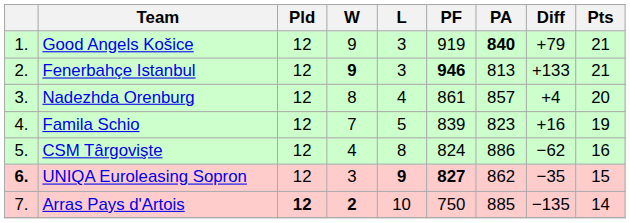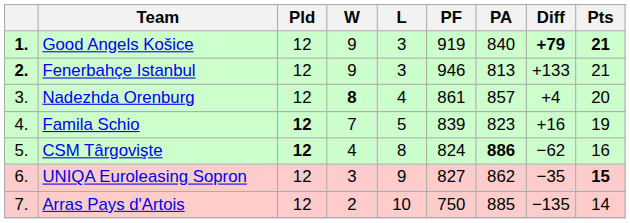 <table class="wikitable" style="text-align:center">
 <tr>
 <th width=25></th>
 <th width=220>Team</th>
 <th width=40>Pld</th>
 <th width=40>W</th>
 <th width=40>L</th>
 <th width=40>PF</th>
 <th width=40>PA</th>
 <th width=40>Diff</th>
 <th width=40>Pts</th>
 </tr>
 <tr style="background:#ccffcc;">
-<td>1.</td>
+<td><strong>1.</strong></td>
 <td align=left> <a href='#'>Good Angels Košice</a></td>
 <td>12</td>
 <td>9</td>
 <td>3</td>
 <td>919</td>
-<td><strong>840</strong></td>
-<td>+79</td>
-<td>21</td>
+<td>840</td>
+<td><strong>+79</strong></td>
+<td><strong>21</strong></td>
 </tr>
 <tr style="background:#ccffcc;">
-<td>2.</td>
+<td><strong>2.</strong></td>
 <td align=left> <a href='#'>Fenerbahçe Istanbul</a></td>
 <td>12</td>
-<td><strong>9</strong></td>
+<td>9</td>
 <td>3</td>
-<td><strong>946</strong></td>
+<td>946</td>
 <td>813</td>
 <td>+133</td>
 <td>21</td>
 </tr>
 <tr style="background:#ccffcc;">
 <td>3.</td>
 <td align=left> <a href='#'>Nadezhda Orenburg</a></td>
 <td>12</td>
-<td>8</td>
+<td><strong>8</strong></td>
 <td>4</td>
 <td>861</td>
 <td>857</td>
 <td>+4</td>
 <td>20</td>
 </tr>
 <tr style="background:#ccffcc;">
 <td>4.</td>
 <td align=left> <a href='#'>Famila Schio</a></td>
-<td>12</td>
+<td><strong>12</strong></td>
 <td>7</td>
 <td>5</td>
 <td>839</td>
 <td>823</td>
 <td>+16</td>
 <td>19</td>
 </tr>
 <tr style="background:#ccffcc;">
 <td>5.</td>
 <td align=left> <a href='#'>CSM Târgovişte</a></td>
-<td>12</td>
+<td><strong>12</strong></td>
 <td>4</td>
 <td>8</td>
 <td>824</td>
-<td>886</td>
+<td><strong>886</strong></td>
 <td>−62</td>
 <td>16</td>
 </tr>
 <tr style="background:#ffcccc;">
-<td><strong>6.</strong></td>
+<td>6.</td>
 <td align=left> <a href='#'>UNIQA Euroleasing Sopron</a></td>
 <td>12</td>
 <td>3</td>
-<td><strong>9</strong></td>
-<td><strong>827</strong></td>
+<td>9</td>
+<td>827</td>
 <td>862</td>
 <td>−35</td>
-<td>15</td>
+<td><strong>15</strong></td>
 </tr>
 <tr style="background:#ffcccc;">
 <td>7.</td>
 <td align=left> <a href='#'>Arras Pays d'Artois</a></td>
-<td><strong>12</strong></td>
-<td><strong>2</strong></td>
+<td>12</td>
+<td>2</td>
 <td>10</td>
 <td>750</td>
 <td>885</td>
 <td>−135</td>
 <td>14</td>
 </tr>
 <tr>
 </tr>
 </table>
